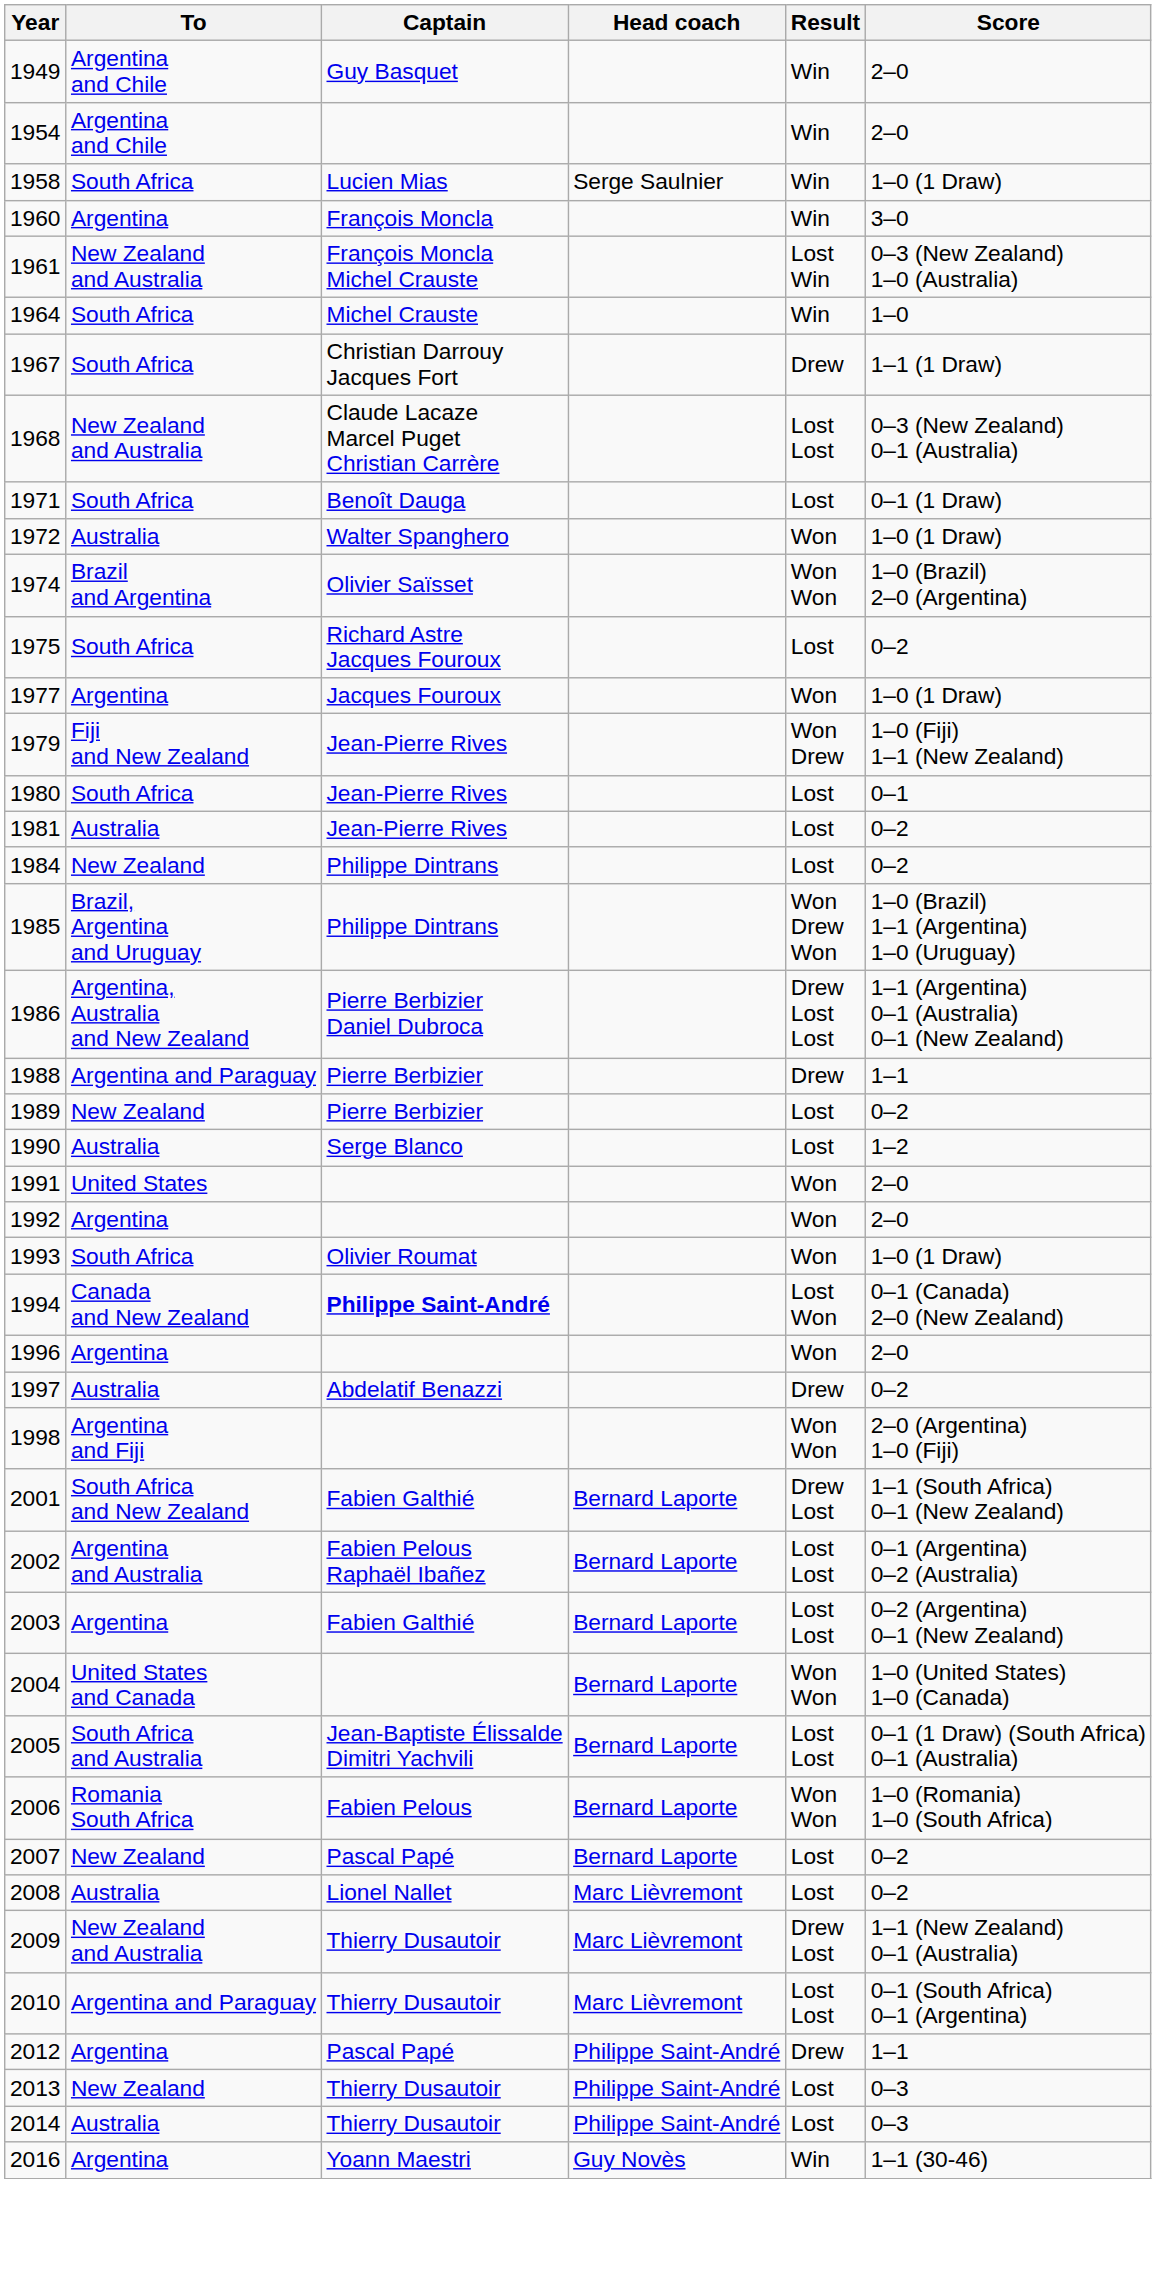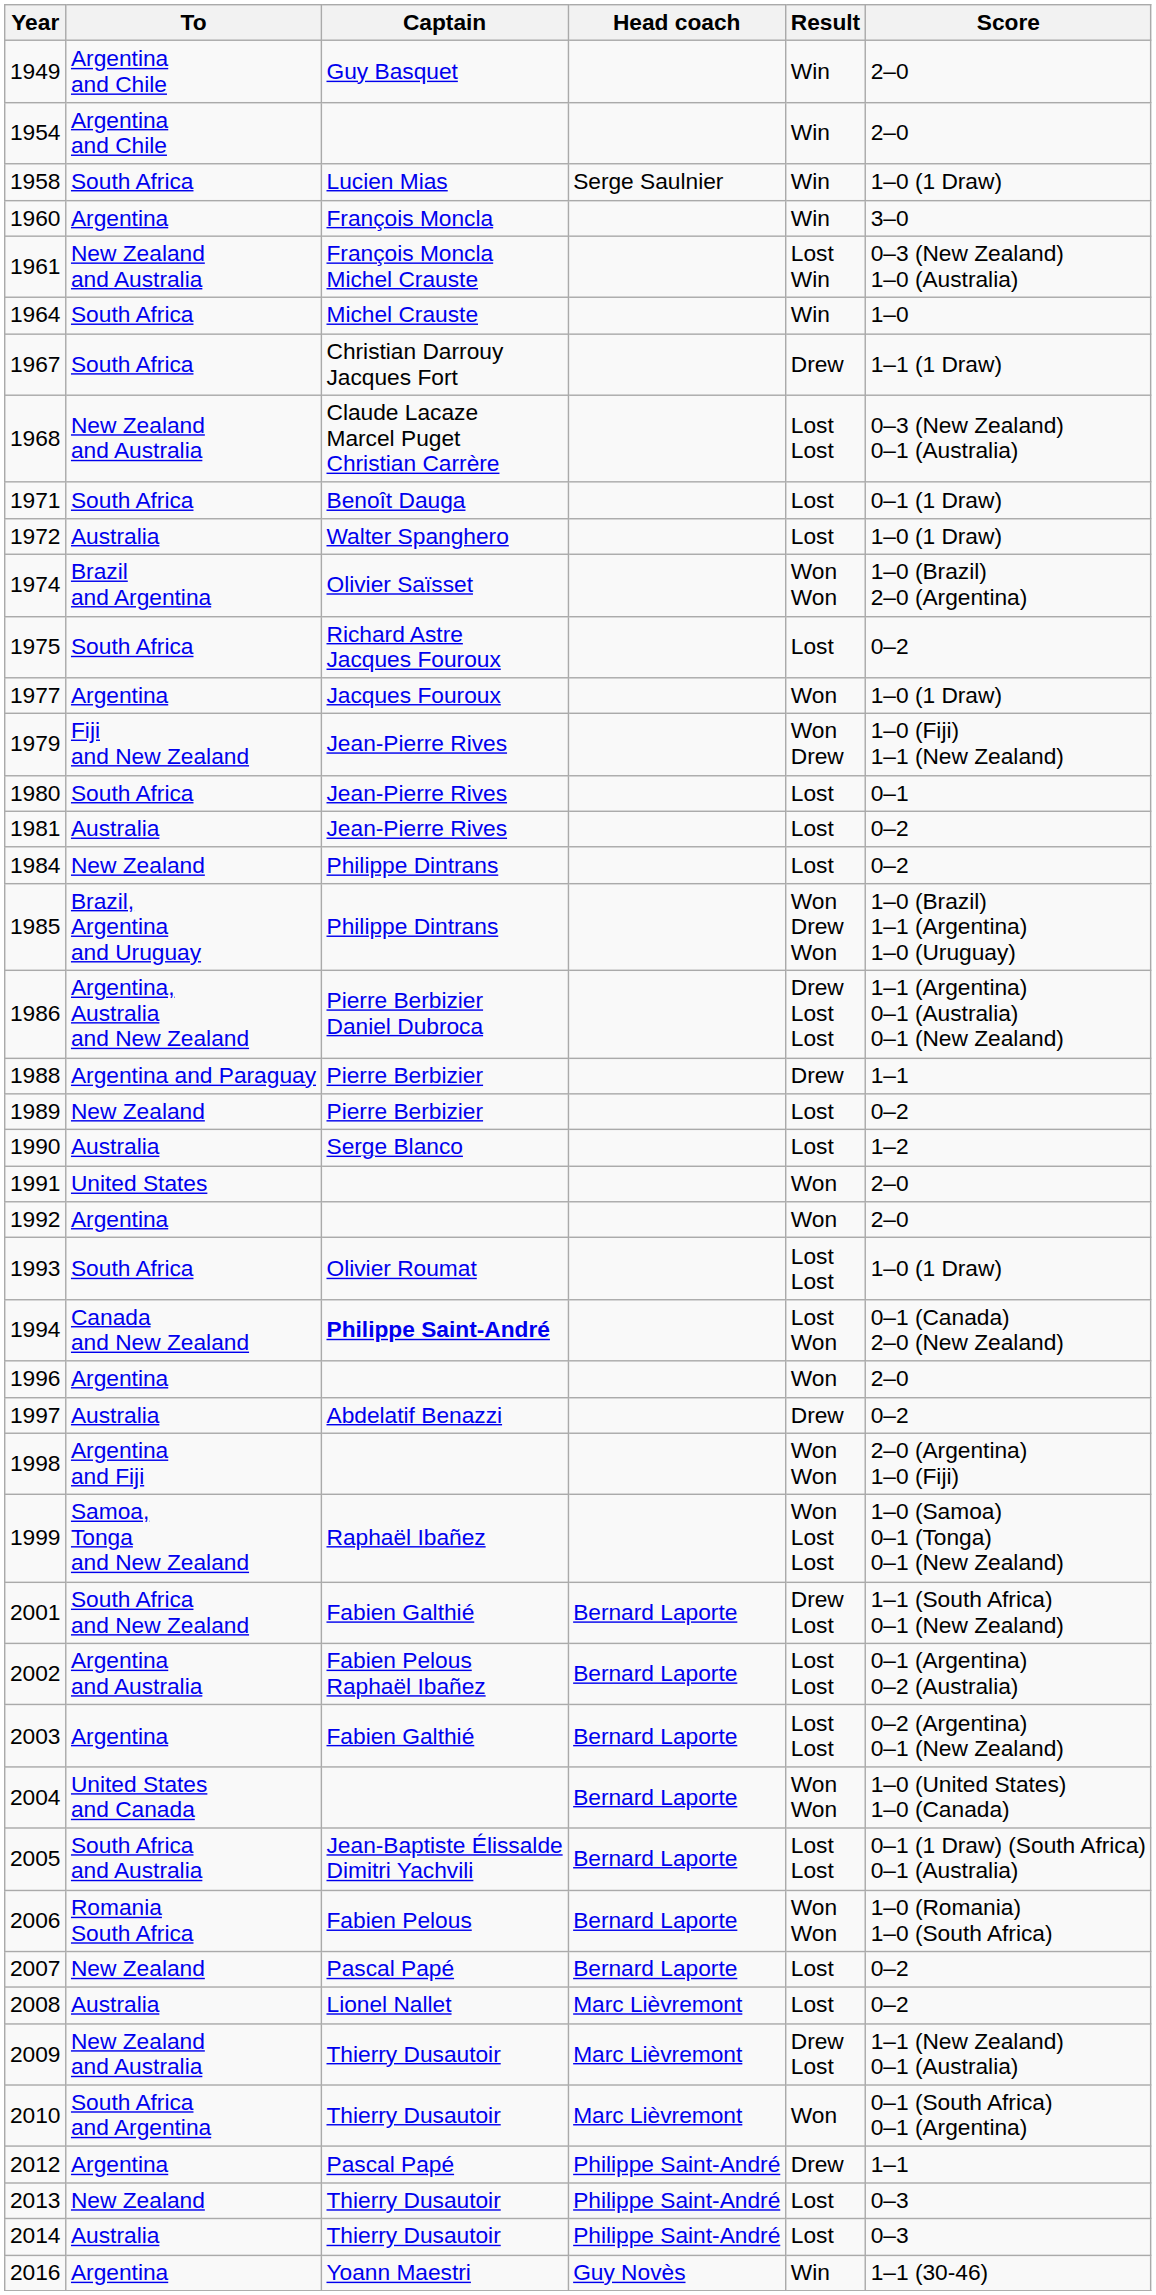 <table class="wikitable" style="align:center;">
 <tr>
 <th>Year</th>
 <th>To</th>
 <th>Captain</th>
 <th>Head coach</th>
 <th>Result</th>
 <th>Score</th>
 </tr>
 <tr>
 <td>1949</td>
 <td><a href='#'>Argentina<br>and Chile</a></td>
 <td><a href='#'>Guy Basquet</a></td>
 <td></td>
 <td>Win</td>
 <td>2–0</td>
 </tr>
 <tr>
 <td>1954</td>
 <td><a href='#'>Argentina<br>and Chile</a></td>
 <td></td>
 <td></td>
 <td>Win</td>
 <td>2–0</td>
 </tr>
 <tr>
 <td>1958</td>
 <td><a href='#'>South Africa</a></td>
 <td><a href='#'>Lucien Mias</a></td>
 <td>Serge Saulnier</td>
 <td>Win</td>
 <td>1–0 (1 Draw)</td>
 </tr>
 <tr>
 <td>1960</td>
 <td><a href='#'>Argentina</a></td>
 <td><a href='#'>François Moncla</a></td>
 <td></td>
 <td>Win</td>
 <td>3–0</td>
 </tr>
 <tr>
 <td>1961</td>
 <td><a href='#'>New Zealand<br>and Australia</a></td>
 <td><a href='#'>François Moncla</a> <br> <a href='#'>Michel Crauste</a></td>
 <td></td>
 <td>Lost <br> Win</td>
 <td>0–3 (New Zealand) <br> 1–0 (Australia)</td>
 </tr>
 <tr>
 <td>1964</td>
 <td><a href='#'>South Africa</a></td>
 <td><a href='#'>Michel Crauste</a></td>
 <td></td>
 <td>Win</td>
 <td>1–0</td>
 </tr>
 <tr>
 <td>1967</td>
 <td><a href='#'>South Africa</a></td>
 <td>Christian Darrouy <br> Jacques Fort</td>
 <td></td>
 <td>Drew</td>
 <td>1–1 (1 Draw)</td>
 </tr>
 <tr>
 <td>1968</td>
 <td><a href='#'>New Zealand<br>and Australia</a></td>
 <td>Claude Lacaze <br> Marcel Puget <br> <a href='#'>Christian Carrère</a></td>
 <td></td>
 <td>Lost <br> Lost</td>
 <td>0–3 (New Zealand) <br> 0–1 (Australia)</td>
 </tr>
 <tr>
 <td>1971</td>
 <td><a href='#'>South Africa</a></td>
 <td><a href='#'>Benoît Dauga</a></td>
 <td></td>
 <td>Lost</td>
 <td>0–1 (1 Draw)</td>
 </tr>
 <tr>
 <td>1972</td>
 <td><a href='#'>Australia</a></td>
 <td><a href='#'>Walter Spanghero</a></td>
 <td></td>
-<td>Won</td>
+<td>Lost</td>
 <td>1–0 (1 Draw)</td>
 </tr>
 <tr>
 <td>1974</td>
 <td><a href='#'>Brazil<br>and Argentina</a></td>
 <td><a href='#'>Olivier Saïsset</a></td>
 <td></td>
 <td>Won <br> Won</td>
 <td>1–0 (Brazil) <br> 2–0 (Argentina)</td>
 </tr>
 <tr>
 <td>1975</td>
 <td><a href='#'>South Africa</a></td>
 <td><a href='#'>Richard Astre</a> <br> <a href='#'>Jacques Fouroux</a></td>
 <td></td>
 <td>Lost</td>
 <td>0–2</td>
 </tr>
 <tr>
 <td>1977</td>
 <td><a href='#'>Argentina</a></td>
 <td><a href='#'>Jacques Fouroux</a></td>
 <td></td>
 <td>Won</td>
 <td>1–0 (1 Draw)</td>
 </tr>
 <tr>
 <td>1979</td>
 <td><a href='#'>Fiji <br> and New Zealand</a></td>
 <td><a href='#'>Jean-Pierre Rives</a></td>
 <td></td>
 <td>Won <br> Drew</td>
 <td>1–0 (Fiji) <br> 1–1 (New Zealand)</td>
 </tr>
 <tr>
 <td>1980</td>
 <td><a href='#'>South Africa</a></td>
 <td><a href='#'>Jean-Pierre Rives</a></td>
 <td></td>
 <td>Lost</td>
 <td>0–1</td>
 </tr>
 <tr>
 <td>1981</td>
 <td><a href='#'>Australia</a></td>
 <td><a href='#'>Jean-Pierre Rives</a></td>
 <td></td>
 <td>Lost</td>
 <td>0–2</td>
 </tr>
 <tr>
 <td>1984</td>
 <td><a href='#'>New Zealand</a></td>
 <td><a href='#'>Philippe Dintrans</a></td>
 <td></td>
 <td>Lost</td>
 <td>0–2</td>
 </tr>
 <tr>
 <td>1985</td>
 <td><a href='#'>Brazil, <br> Argentina <br> and Uruguay</a></td>
 <td><a href='#'>Philippe Dintrans</a></td>
 <td></td>
 <td>Won <br> Drew <br> Won</td>
 <td>1–0 (Brazil) <br> 1–1 (Argentina) <br> 1–0 (Uruguay)</td>
 </tr>
 <tr>
 <td>1986</td>
 <td><a href='#'>Argentina, <br> Australia <br> and New Zealand</a></td>
 <td><a href='#'>Pierre Berbizier</a> <br> <a href='#'>Daniel Dubroca</a></td>
 <td></td>
 <td>Drew <br>Lost <br> Lost</td>
 <td>1–1 (Argentina) <br> 0–1 (Australia) <br> 0–1 (New Zealand)</td>
 </tr>
 <tr>
 <td>1988</td>
 <td><a href='#'>Argentina and Paraguay</a></td>
 <td><a href='#'>Pierre Berbizier</a></td>
 <td></td>
 <td>Drew</td>
 <td>1–1</td>
 </tr>
 <tr>
 <td>1989</td>
 <td><a href='#'>New Zealand</a></td>
 <td><a href='#'>Pierre Berbizier</a></td>
 <td></td>
 <td>Lost</td>
 <td>0–2</td>
 </tr>
 <tr>
 <td>1990</td>
 <td><a href='#'>Australia</a></td>
 <td><a href='#'>Serge Blanco</a></td>
 <td></td>
 <td>Lost</td>
 <td>1–2</td>
 </tr>
 <tr>
 <td>1991</td>
 <td><a href='#'>United States</a></td>
 <td></td>
 <td></td>
 <td>Won</td>
 <td>2–0</td>
 </tr>
 <tr>
 <td>1992</td>
 <td><a href='#'>Argentina</a></td>
 <td></td>
 <td></td>
 <td>Won</td>
 <td>2–0</td>
 </tr>
 <tr>
 <td>1993</td>
 <td><a href='#'>South Africa</a></td>
 <td><a href='#'>Olivier Roumat</a></td>
 <td></td>
-<td>Won</td>
+<td>Lost <br> Lost</td>
 <td>1–0 (1 Draw)</td>
 </tr>
 <tr>
 <td>1994</td>
 <td><a href='#'>Canada <br> and New Zealand</a></td>
 <td><strong><a href='#'>Philippe Saint-André</a></strong></td>
 <td></td>
 <td>Lost <br> Won</td>
 <td>0–1 (Canada) <br> 2–0 (New Zealand)</td>
 </tr>
 <tr>
 <td>1996</td>
 <td><a href='#'>Argentina</a></td>
 <td></td>
 <td></td>
 <td>Won</td>
 <td>2–0</td>
 </tr>
 <tr>
 <td>1997</td>
 <td><a href='#'>Australia</a></td>
 <td><a href='#'>Abdelatif Benazzi</a></td>
 <td></td>
 <td>Drew</td>
 <td>0–2</td>
 </tr>
 <tr>
 <td>1998</td>
 <td><a href='#'>Argentina <br> and Fiji</a></td>
 <td></td>
 <td></td>
 <td>Won <br> Won</td>
 <td>2–0 (Argentina) <br> 1–0 (Fiji)</td>
+</tr>
+<tr>
+<td>1999</td>
+<td><a href='#'>Samoa, <br> Tonga <br> and New Zealand</a></td>
+<td><a href='#'>Raphaël Ibañez</a></td>
+<td></td>
+<td>Won <br> Lost <br> Lost</td>
+<td>1–0 (Samoa) <br> 0–1 (Tonga) <br> 0–1 (New Zealand)</td>
 </tr>
 <tr>
 <td>2001</td>
 <td><a href='#'>South Africa <br> and New Zealand</a></td>
 <td><a href='#'>Fabien Galthié</a></td>
 <td><a href='#'>Bernard Laporte</a></td>
 <td>Drew <br> Lost</td>
 <td>1–1 (South Africa) <br> 0–1 (New Zealand)</td>
 </tr>
 <tr>
 <td>2002</td>
 <td><a href='#'>Argentina <br> and Australia</a></td>
 <td><a href='#'>Fabien Pelous</a> <br> <a href='#'>Raphaël Ibañez</a></td>
 <td><a href='#'>Bernard Laporte</a></td>
 <td>Lost <br> Lost</td>
 <td>0–1 (Argentina) <br> 0–2 (Australia)</td>
 </tr>
 <tr>
 <td>2003</td>
 <td><a href='#'>Argentina</a></td>
 <td><a href='#'>Fabien Galthié</a></td>
 <td><a href='#'>Bernard Laporte</a></td>
 <td>Lost <br> Lost</td>
 <td>0–2 (Argentina) <br> 0–1 (New Zealand)</td>
 </tr>
 <tr>
 <td>2004</td>
 <td><a href='#'>United States <br> and Canada</a></td>
 <td></td>
 <td><a href='#'>Bernard Laporte</a></td>
 <td>Won <br> Won</td>
 <td>1–0 (United States) <br> 1–0 (Canada)</td>
 </tr>
 <tr>
 <td>2005</td>
 <td><a href='#'>South Africa <br> and Australia</a></td>
 <td><a href='#'>Jean-Baptiste Élissalde</a> <br> <a href='#'>Dimitri Yachvili</a></td>
 <td><a href='#'>Bernard Laporte</a></td>
 <td>Lost <br> Lost</td>
 <td>0–1 (1 Draw) (South Africa) <br> 0–1 (Australia)</td>
 </tr>
 <tr>
 <td>2006</td>
 <td><a href='#'>Romania <br> South Africa</a></td>
 <td><a href='#'>Fabien Pelous</a></td>
 <td><a href='#'>Bernard Laporte</a></td>
 <td>Won <br> Won</td>
 <td>1–0 (Romania) <br> 1–0 (South Africa)</td>
 </tr>
 <tr>
 <td>2007</td>
 <td><a href='#'>New Zealand</a></td>
 <td><a href='#'>Pascal Papé</a></td>
 <td><a href='#'>Bernard Laporte</a></td>
 <td>Lost</td>
 <td>0–2</td>
 </tr>
 <tr>
 <td>2008</td>
 <td><a href='#'>Australia</a></td>
 <td><a href='#'>Lionel Nallet</a></td>
 <td><a href='#'>Marc Lièvremont</a></td>
 <td>Lost</td>
 <td>0–2</td>
 </tr>
 <tr>
 <td>2009</td>
 <td><a href='#'>New Zealand <br> and Australia</a></td>
 <td><a href='#'>Thierry Dusautoir</a></td>
 <td><a href='#'>Marc Lièvremont</a></td>
 <td>Drew <br> Lost</td>
 <td>1–1 (New Zealand) <br> 0–1 (Australia)</td>
 </tr>
 <tr>
 <td>2010</td>
-<td><a href='#'>Argentina and Paraguay</a></td>
+<td><a href='#'>South Africa <br> and Argentina</a></td>
 <td><a href='#'>Thierry Dusautoir</a></td>
 <td><a href='#'>Marc Lièvremont</a></td>
-<td>Lost <br> Lost</td>
+<td>Won</td>
 <td>0–1 (South Africa) <br> 0–1 (Argentina)</td>
 </tr>
 <tr>
 <td>2012</td>
 <td><a href='#'>Argentina</a></td>
 <td><a href='#'>Pascal Papé</a></td>
 <td><a href='#'>Philippe Saint-André</a></td>
 <td>Drew</td>
 <td>1–1</td>
 </tr>
 <tr>
 <td>2013</td>
 <td><a href='#'>New Zealand</a></td>
 <td><a href='#'>Thierry Dusautoir</a></td>
 <td><a href='#'>Philippe Saint-André</a></td>
 <td>Lost</td>
 <td>0–3</td>
 </tr>
 <tr>
 <td>2014</td>
 <td><a href='#'>Australia</a></td>
 <td><a href='#'>Thierry Dusautoir</a></td>
 <td><a href='#'>Philippe Saint-André</a></td>
 <td>Lost</td>
 <td>0–3</td>
 </tr>
 <tr>
 <td>2016</td>
 <td><a href='#'>Argentina</a></td>
 <td><a href='#'>Yoann Maestri</a></td>
 <td><a href='#'>Guy Novès</a></td>
 <td>Win</td>
 <td>1–1 (30-46)</td>
 </tr>
 <tr>
 </tr>
 </table>
